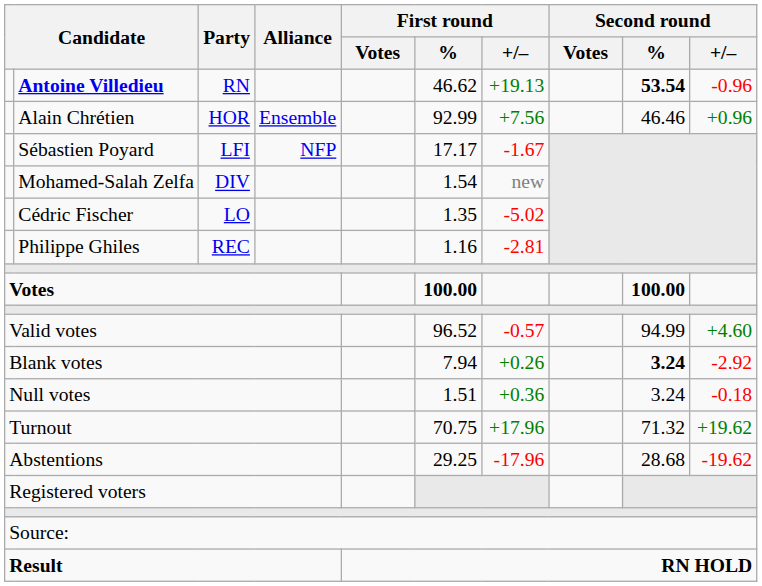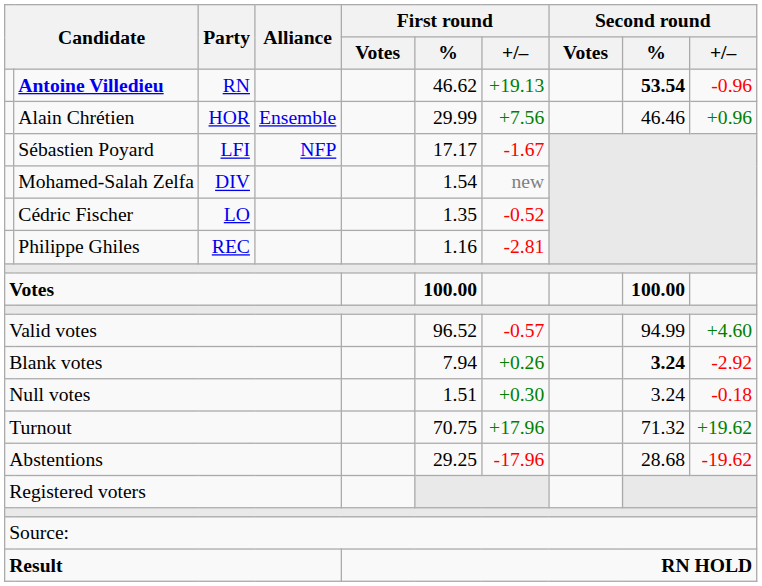 <table class="wikitable" style="text-align:right;font-size:95%;">
 <tr>
 <th rowspan="2" colspan="2">Candidate</th>
 <th colspan="1" rowspan="2">Party</th>
 <th colspan="1" rowspan="2">Alliance</th>
 <th colspan="3">First round</th>
 <th colspan="3">Second round</th>
 </tr>
 <tr>
 <th style="width:50px;">Votes</th>
 <th style="width:45px;">%</th>
 <th style="width:45px;">+/–</th>
 <th style="width:50px;">Votes</th>
 <th style="width:45px;">%</th>
 <th style="width:45px;">+/–</th>
 </tr>
 <tr>
 <td style="background:"></td>
 <td style="text-align:left;"><strong><a href='#'>Antoine Villedieu</a></strong></td>
 <td><a href='#'>RN</a></td>
 <td></td>
 <td></td>
 <td>46.62</td>
 <td style="color:green;">+19.13</td>
 <td><strong></strong></td>
 <td><strong>53.54</strong></td>
 <td style="color:red;">-0.96</td>
 </tr>
 <tr>
 <td style="background:"></td>
 <td style="text-align:left;">Alain Chrétien</td>
 <td><a href='#'>HOR</a></td>
 <td><a href='#'>Ensemble</a></td>
 <td></td>
-<td>92.99</td>
+<td>29.99</td>
 <td style="color:green;">+7.56</td>
 <td></td>
 <td>46.46</td>
 <td style="color:green;">+0.96</td>
 </tr>
 <tr>
 <td style="background:"></td>
 <td style="text-align:left;">Sébastien Poyard</td>
 <td><a href='#'>LFI</a></td>
 <td><a href='#'>NFP</a></td>
 <td></td>
 <td>17.17</td>
 <td style="color:red;">-1.67</td>
 <td colspan="3" rowspan="4" style="background:#E9E9E9;"></td>
 </tr>
 <tr>
 <td style="background:"></td>
 <td style="text-align:left;">Mohamed-Salah Zelfa</td>
 <td><a href='#'>DIV</a></td>
 <td></td>
 <td></td>
 <td>1.54</td>
 <td style="color:grey;">new</td>
 </tr>
 <tr>
 <td style="background:"></td>
 <td style="text-align:left;">Cédric Fischer</td>
 <td><a href='#'>LO</a></td>
 <td></td>
 <td></td>
 <td>1.35</td>
-<td style="color:red;">-5.02</td>
+<td style="color:red;">-0.52</td>
 </tr>
 <tr>
 <td style="background:"></td>
 <td style="text-align:left;">Philippe Ghiles</td>
 <td><a href='#'>REC</a></td>
 <td></td>
 <td></td>
 <td>1.16</td>
 <td style="color:red;">-2.81</td>
 </tr>
 <tr>
 <td colspan="10" style="background:#E9E9E9;"></td>
 </tr>
 <tr style="font-weight:bold;">
 <td colspan="4" style="text-align:left;">Votes</td>
 <td></td>
 <td>100.00</td>
 <td></td>
 <td></td>
 <td>100.00</td>
 <td></td>
 </tr>
 <tr>
 <td colspan="10" style="background:#E9E9E9;"></td>
 </tr>
 <tr>
 <td colspan="4" style="text-align:left;">Valid votes</td>
 <td></td>
 <td>96.52</td>
 <td style="color:red;">-0.57</td>
 <td></td>
 <td>94.99</td>
 <td style="color:green;">+4.60</td>
 </tr>
 <tr>
 <td colspan="4" style="text-align:left;">Blank votes</td>
 <td></td>
 <td>7.94</td>
 <td style="color:green;">+0.26</td>
 <td></td>
 <td><strong>3.24</strong></td>
 <td style="color:red;">-2.92</td>
 </tr>
 <tr>
 <td colspan="4" style="text-align:left;">Null votes</td>
 <td></td>
 <td>1.51</td>
-<td style="color:green;">+0.36</td>
+<td style="color:green;">+0.30</td>
 <td></td>
 <td>3.24</td>
 <td style="color:red;">-0.18</td>
 </tr>
 <tr>
 <td colspan="4" style="text-align:left;">Turnout</td>
 <td></td>
 <td>70.75</td>
 <td style="color:green;">+17.96</td>
 <td></td>
 <td>71.32</td>
 <td style="color:green;">+19.62</td>
 </tr>
 <tr>
 <td colspan="4" style="text-align:left;">Abstentions</td>
 <td></td>
 <td>29.25</td>
 <td style="color:red;">-17.96</td>
 <td></td>
 <td>28.68</td>
 <td style="color:red;">-19.62</td>
 </tr>
 <tr>
 <td colspan="4" style="text-align:left;">Registered voters</td>
 <td></td>
 <td colspan="2" style="background:#E9E9E9;"></td>
 <td></td>
 <td colspan="2" style="background:#E9E9E9;"></td>
 </tr>
 <tr>
 <td colspan="10" style="background:#E9E9E9;"></td>
 </tr>
 <tr>
 <td colspan="10" style="text-align:left;">Source: </td>
 </tr>
 <tr style="font-weight:bold">
 <td colspan="4" style="text-align:left;">Result</td>
 <td colspan="6" style="background-color:">RN HOLD</td>
 </tr>
 </table>
